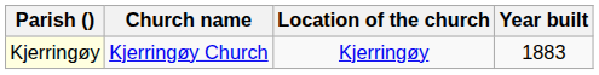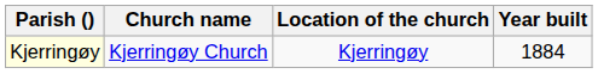 <table class="wikitable" style="text-align:center">
 <tr>
 <th>Parish ()</th>
 <th>Church name</th>
 <th>Location of the church</th>
 <th>Year built</th>
 </tr>
 <tr>
 <td rowspan="1" style="background: lightyellow;">Kjerringøy</td>
 <td><a href='#'>Kjerringøy Church</a></td>
 <td><a href='#'>Kjerringøy</a></td>
-<td>1883</td>
+<td>1884</td>
 </tr>
 </table>
